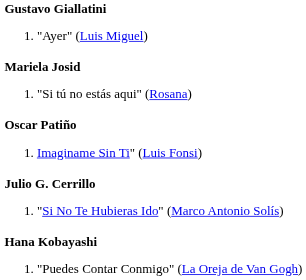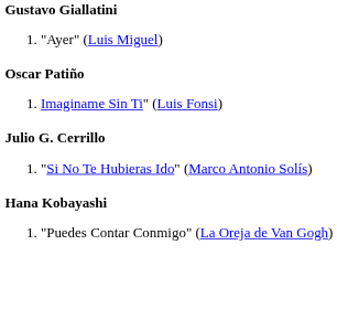 <table border="0" cellpadding="0" cellspacing="4" style="margin:0 1em 1em 0; text-align:left;">
 <tr>
 <td valign="top"></td>
 <td valign="top"><strong>Gustavo Giallatini</strong><br><ol><li>"Ayer" (<a href='#'>Luis Miguel</a>)</li></ol></td>
-</tr>
-<tr>
-<td valign="top"></td>
-<td valign="top"><strong>Mariela Josid</strong><br><ol><li>"Si tú no estás aqui" (<a href='#'>Rosana</a>)</li></ol></td>
 </tr>
 <tr>
 <td valign="top"></td>
 <td valign="top"><strong>Oscar Patiño</strong><br><ol><li><a href='#'>Imaginame Sin Ti</a>" (<a href='#'>Luis Fonsi</a>)</li></ol></td>
 </tr>
 <tr>
 <td valign="top"></td>
 <td valign="top"><strong>Julio G. Cerrillo</strong><br><ol><li>"<a href='#'>Si No Te Hubieras Ido</a>" (<a href='#'>Marco Antonio Solís</a>)</li></ol></td>
 </tr>
 <tr>
 <td valign="top"></td>
 <td valign="top"><strong>Hana Kobayashi</strong><br><ol><li>"Puedes Contar Conmigo" (<a href='#'>La Oreja de Van Gogh</a>)</li></ol></td>
 </tr>
 </table>
